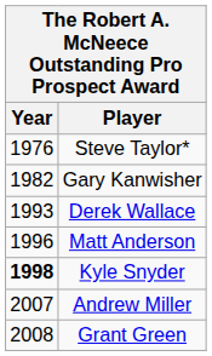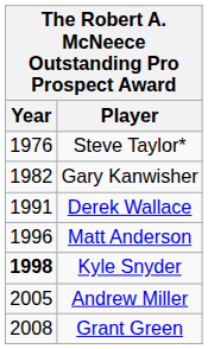 <table class="wikitable" style="display: inline-table; margin-right: 20px; text-align:center">
 <tr>
 <th scope="col" colspan="2" style="width: 145px;">The Robert A. McNeece Outstanding Pro Prospect Award</th>
 </tr>
 <tr>
 <th scope="col">Year</th>
 <th scope="col">Player</th>
 </tr>
 <tr>
 <td>1976</td>
 <td>Steve Taylor*</td>
 </tr>
 <tr>
 <td>1982</td>
 <td>Gary Kanwisher</td>
 </tr>
 <tr>
-<td>1993</td>
+<td>1991</td>
 <td><a href='#'>Derek Wallace</a></td>
 </tr>
 <tr>
 <td>1996</td>
 <td><a href='#'>Matt Anderson</a></td>
 </tr>
 <tr>
 <td><strong>1998</strong></td>
 <td><a href='#'>Kyle Snyder</a></td>
 </tr>
 <tr>
-<td>2007</td>
+<td>2005</td>
 <td><a href='#'>Andrew Miller</a></td>
 </tr>
 <tr>
 <td>2008</td>
 <td><a href='#'>Grant Green</a></td>
 </tr>
 <tr>
 </tr>
 </table>
